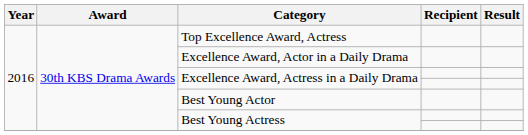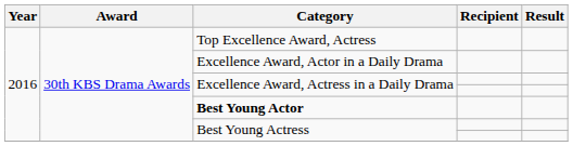 <table class="wikitable">
 <tr>
 <th>Year</th>
 <th>Award</th>
 <th>Category</th>
 <th>Recipient</th>
 <th>Result</th>
 </tr>
 <tr>
 <td rowspan="7">2016</td>
 <td rowspan="7"><a href='#'>30th KBS Drama Awards</a></td>
 <td>Top Excellence Award, Actress</td>
 <td></td>
 <td></td>
 </tr>
 <tr>
 <td>Excellence Award, Actor in a Daily Drama</td>
 <td></td>
 <td></td>
 </tr>
 <tr>
 <td rowspan="2">Excellence Award, Actress in a Daily Drama</td>
 <td></td>
 <td></td>
 </tr>
 <tr>
 <td></td>
 <td></td>
 </tr>
 <tr>
-<td>Best Young Actor</td>
+<td><strong>Best Young Actor</strong></td>
 <td></td>
 <td></td>
 </tr>
 <tr>
 <td rowspan="2">Best Young Actress</td>
 <td></td>
 <td></td>
 </tr>
 <tr>
 <td></td>
 <td></td>
 </tr>
 <tr>
 </tr>
 </table>
